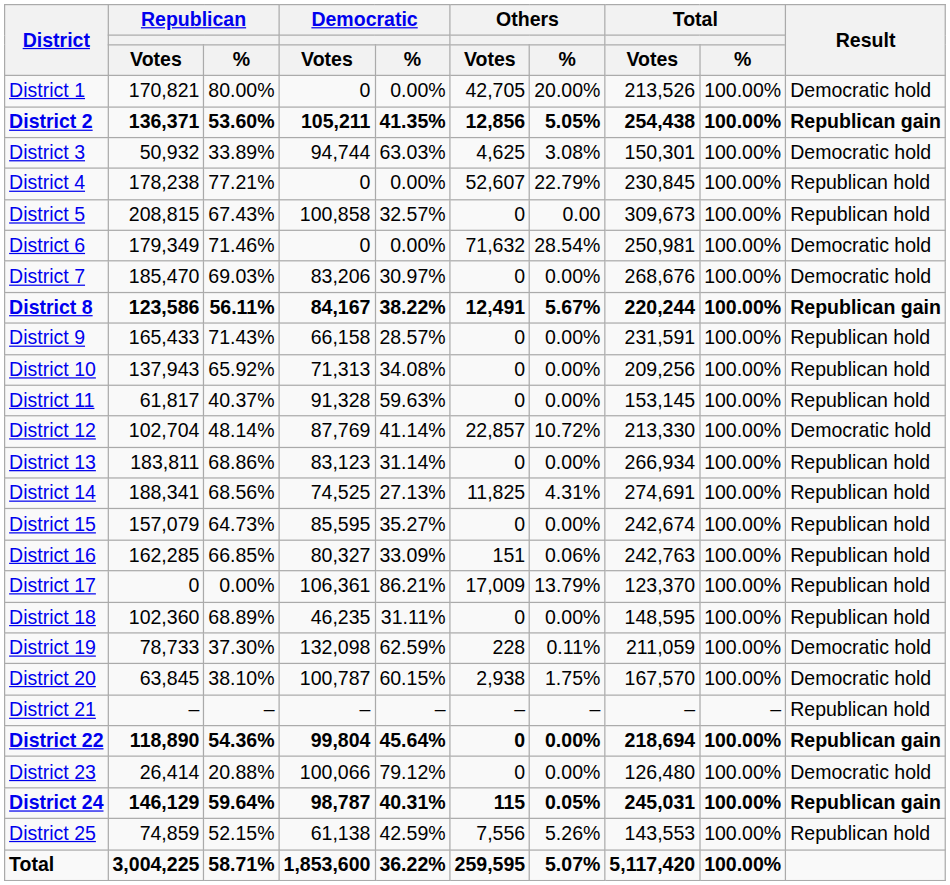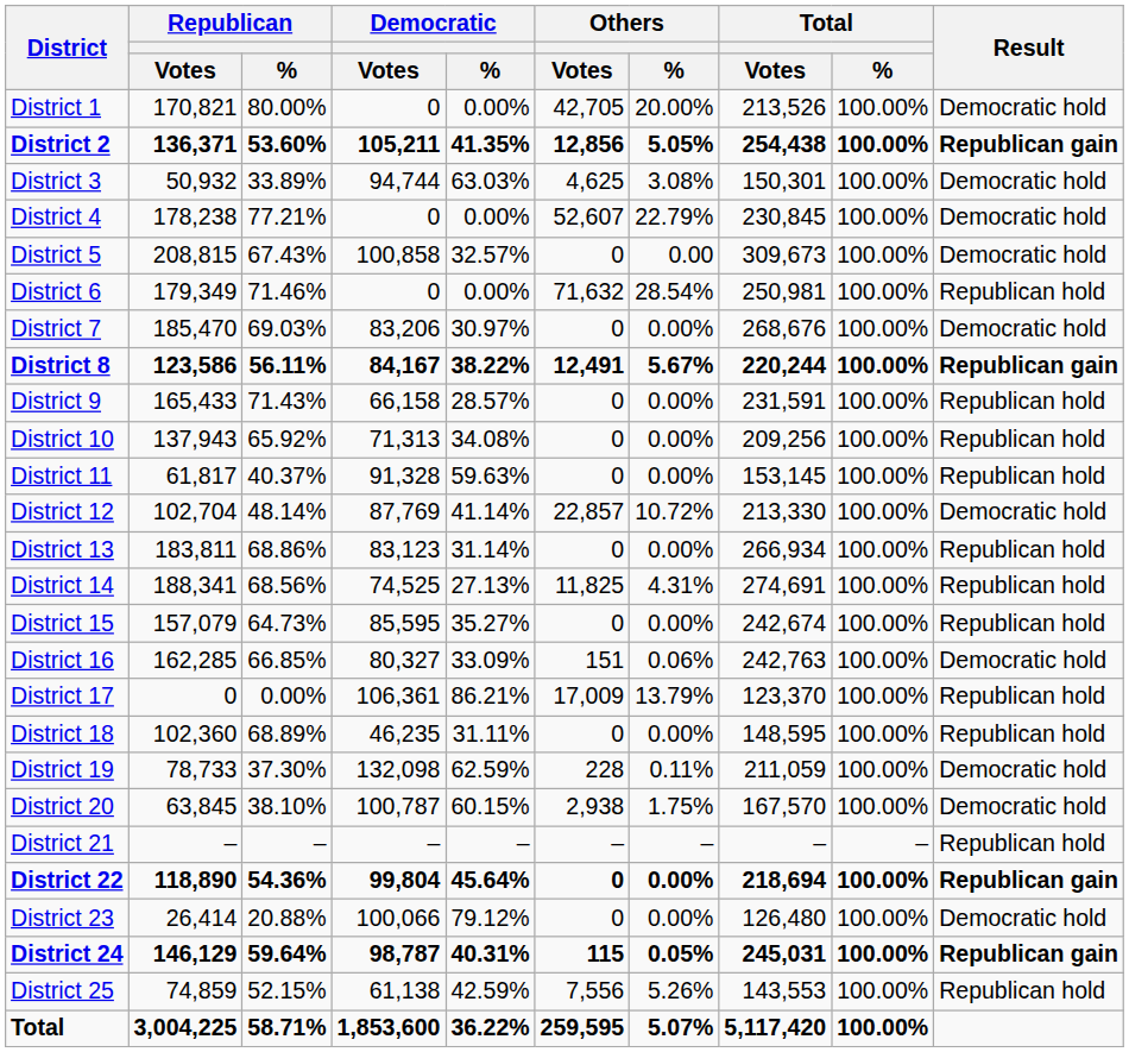 <table class="wikitable plainrowheaders sortable" style="font-size:100%; text-align:right;">
 <tr>
 <th scope=col rowspan=3><a href='#'>District</a></th>
 <th scope=col colspan=2><a href='#'>Republican</a></th>
 <th scope=col colspan=2><a href='#'>Democratic</a></th>
 <th scope=col colspan=2>Others</th>
 <th scope=col colspan=2>Total</th>
 <th scope=col rowspan=3>Result</th>
 </tr>
 <tr>
 <th scope=col colspan=2 style="background:"></th>
 <th scope=col colspan=2 style="background:"></th>
 <th scope=col colspan=2></th>
 <th scope=col colspan=2></th>
 </tr>
 <tr>
 <th scope=col data-sort-type="number">Votes</th>
 <th scope=col data-sort-type="number">%</th>
 <th scope=col data-sort-type="number">Votes</th>
 <th scope=col data-sort-type="number">%</th>
 <th scope=col data-sort-type="number">Votes</th>
 <th scope=col data-sort-type="number">%</th>
 <th scope=col data-sort-type="number">Votes</th>
 <th scope=col data-sort-type="number">%</th>
 </tr>
 <tr>
 <td align=left><a href='#'>District 1</a></td>
 <td>170,821</td>
 <td>80.00%</td>
 <td>0</td>
 <td>0.00%</td>
 <td>42,705</td>
 <td>20.00%</td>
 <td>213,526</td>
 <td>100.00%</td>
 <td align=left>Democratic hold</td>
 </tr>
 <tr>
 <td align=left><strong><a href='#'>District 2</a></strong></td>
 <td><strong>136,371</strong></td>
 <td><strong>53.60%</strong></td>
 <td><strong>105,211</strong></td>
 <td><strong>41.35%</strong></td>
 <td><strong>12,856</strong></td>
 <td><strong>5.05%</strong></td>
 <td><strong>254,438</strong></td>
 <td><strong>100.00%</strong></td>
 <td align=left><strong>Republican gain</strong></td>
 </tr>
 <tr>
 <td align=left><a href='#'>District 3</a></td>
 <td>50,932</td>
 <td>33.89%</td>
 <td>94,744</td>
 <td>63.03%</td>
 <td>4,625</td>
 <td>3.08%</td>
 <td>150,301</td>
 <td>100.00%</td>
 <td align=left>Democratic hold</td>
 </tr>
 <tr>
 <td align=left><a href='#'>District 4</a></td>
 <td>178,238</td>
 <td>77.21%</td>
 <td>0</td>
 <td>0.00%</td>
 <td>52,607</td>
 <td>22.79%</td>
 <td>230,845</td>
 <td>100.00%</td>
-<td align=left>Republican hold</td>
+<td align=left>Democratic hold</td>
 </tr>
 <tr>
 <td align=left><a href='#'>District 5</a></td>
 <td>208,815</td>
 <td>67.43%</td>
 <td>100,858</td>
 <td>32.57%</td>
 <td>0</td>
 <td>0.00</td>
 <td>309,673</td>
 <td>100.00%</td>
-<td align=left>Republican hold</td>
+<td align=left>Democratic hold</td>
 </tr>
 <tr>
 <td align=left><a href='#'>District 6</a></td>
 <td>179,349</td>
 <td>71.46%</td>
 <td>0</td>
 <td>0.00%</td>
 <td>71,632</td>
 <td>28.54%</td>
 <td>250,981</td>
 <td>100.00%</td>
-<td align=left>Democratic hold</td>
+<td align=left>Republican hold</td>
 </tr>
 <tr>
 <td align=left><a href='#'>District 7</a></td>
 <td>185,470</td>
 <td>69.03%</td>
 <td>83,206</td>
 <td>30.97%</td>
 <td>0</td>
 <td>0.00%</td>
 <td>268,676</td>
 <td>100.00%</td>
 <td align=left>Democratic hold</td>
 </tr>
 <tr>
 <td align=left><strong><a href='#'>District 8</a></strong></td>
 <td><strong>123,586</strong></td>
 <td><strong>56.11%</strong></td>
 <td><strong>84,167</strong></td>
 <td><strong>38.22%</strong></td>
 <td><strong>12,491</strong></td>
 <td><strong>5.67%</strong></td>
 <td><strong>220,244</strong></td>
 <td><strong>100.00%</strong></td>
 <td align=left><strong>Republican gain</strong></td>
 </tr>
 <tr>
 <td align=left><a href='#'>District 9</a></td>
 <td>165,433</td>
 <td>71.43%</td>
 <td>66,158</td>
 <td>28.57%</td>
 <td>0</td>
 <td>0.00%</td>
 <td>231,591</td>
 <td>100.00%</td>
 <td align=left>Republican hold</td>
 </tr>
 <tr>
 <td align=left><a href='#'>District 10</a></td>
 <td>137,943</td>
 <td>65.92%</td>
 <td>71,313</td>
 <td>34.08%</td>
 <td>0</td>
 <td>0.00%</td>
 <td>209,256</td>
 <td>100.00%</td>
 <td align=left>Republican hold</td>
 </tr>
 <tr>
 <td align=left><a href='#'>District 11</a></td>
 <td>61,817</td>
 <td>40.37%</td>
 <td>91,328</td>
 <td>59.63%</td>
 <td>0</td>
 <td>0.00%</td>
 <td>153,145</td>
 <td>100.00%</td>
 <td align=left>Republican hold</td>
 </tr>
 <tr>
 <td align=left><a href='#'>District 12</a></td>
 <td>102,704</td>
 <td>48.14%</td>
 <td>87,769</td>
 <td>41.14%</td>
 <td>22,857</td>
 <td>10.72%</td>
 <td>213,330</td>
 <td>100.00%</td>
 <td align=left>Democratic hold</td>
 </tr>
 <tr>
 <td align=left><a href='#'>District 13</a></td>
 <td>183,811</td>
 <td>68.86%</td>
 <td>83,123</td>
 <td>31.14%</td>
 <td>0</td>
 <td>0.00%</td>
 <td>266,934</td>
 <td>100.00%</td>
 <td align=left>Republican hold</td>
 </tr>
 <tr>
 <td align=left><a href='#'>District 14</a></td>
 <td>188,341</td>
 <td>68.56%</td>
 <td>74,525</td>
 <td>27.13%</td>
 <td>11,825</td>
 <td>4.31%</td>
 <td>274,691</td>
 <td>100.00%</td>
 <td align=left>Republican hold</td>
 </tr>
 <tr>
 <td align=left><a href='#'>District 15</a></td>
 <td>157,079</td>
 <td>64.73%</td>
 <td>85,595</td>
 <td>35.27%</td>
 <td>0</td>
 <td>0.00%</td>
 <td>242,674</td>
 <td>100.00%</td>
 <td align=left>Republican hold</td>
 </tr>
 <tr>
 <td align=left><a href='#'>District 16</a></td>
 <td>162,285</td>
 <td>66.85%</td>
 <td>80,327</td>
 <td>33.09%</td>
 <td>151</td>
 <td>0.06%</td>
 <td>242,763</td>
 <td>100.00%</td>
-<td align=left>Republican hold</td>
+<td align=left>Democratic hold</td>
 </tr>
 <tr>
 <td align=left><a href='#'>District 17</a></td>
 <td>0</td>
 <td>0.00%</td>
 <td>106,361</td>
 <td>86.21%</td>
 <td>17,009</td>
 <td>13.79%</td>
 <td>123,370</td>
 <td>100.00%</td>
 <td align=left>Republican hold</td>
 </tr>
 <tr>
 <td align=left><a href='#'>District 18</a></td>
 <td>102,360</td>
 <td>68.89%</td>
 <td>46,235</td>
 <td>31.11%</td>
 <td>0</td>
 <td>0.00%</td>
 <td>148,595</td>
 <td>100.00%</td>
 <td align=left>Republican hold</td>
 </tr>
 <tr>
 <td align=left><a href='#'>District 19</a></td>
 <td>78,733</td>
 <td>37.30%</td>
 <td>132,098</td>
 <td>62.59%</td>
 <td>228</td>
 <td>0.11%</td>
 <td>211,059</td>
 <td>100.00%</td>
 <td align=left>Democratic hold</td>
 </tr>
 <tr>
 <td align=left><a href='#'>District 20</a></td>
 <td>63,845</td>
 <td>38.10%</td>
 <td>100,787</td>
 <td>60.15%</td>
 <td>2,938</td>
 <td>1.75%</td>
 <td>167,570</td>
 <td>100.00%</td>
 <td align=left>Democratic hold</td>
 </tr>
 <tr>
 <td align=left><a href='#'>District 21</a></td>
 <td>–</td>
 <td>–</td>
 <td>–</td>
 <td>–</td>
 <td>–</td>
 <td>–</td>
 <td>–</td>
 <td>–</td>
 <td align=left>Republican hold</td>
 </tr>
 <tr>
 <td align=left><strong><a href='#'>District 22</a></strong></td>
 <td><strong>118,890</strong></td>
 <td><strong>54.36%</strong></td>
 <td><strong>99,804</strong></td>
 <td><strong>45.64%</strong></td>
 <td><strong>0</strong></td>
 <td><strong>0.00%</strong></td>
 <td><strong>218,694</strong></td>
 <td><strong>100.00%</strong></td>
 <td align=left><strong>Republican gain</strong></td>
 </tr>
 <tr>
 <td align=left><a href='#'>District 23</a></td>
 <td>26,414</td>
 <td>20.88%</td>
 <td>100,066</td>
 <td>79.12%</td>
 <td>0</td>
 <td>0.00%</td>
 <td>126,480</td>
 <td>100.00%</td>
 <td align=left>Democratic hold</td>
 </tr>
 <tr>
 <td align=left><strong><a href='#'>District 24</a></strong></td>
 <td><strong>146,129</strong></td>
 <td><strong>59.64%</strong></td>
 <td><strong>98,787</strong></td>
 <td><strong>40.31%</strong></td>
 <td><strong>115</strong></td>
 <td><strong>0.05%</strong></td>
 <td><strong>245,031</strong></td>
 <td><strong>100.00%</strong></td>
 <td align=left><strong>Republican gain</strong></td>
 </tr>
 <tr>
 <td align=left><a href='#'>District 25</a></td>
 <td>74,859</td>
 <td>52.15%</td>
 <td>61,138</td>
 <td>42.59%</td>
 <td>7,556</td>
 <td>5.26%</td>
 <td>143,553</td>
 <td>100.00%</td>
 <td align=left>Republican hold</td>
 </tr>
 <tr class="sortbottom" style="font-weight:bold">
 <td align=left>Total</td>
 <td>3,004,225</td>
 <td>58.71%</td>
 <td>1,853,600</td>
 <td>36.22%</td>
 <td>259,595</td>
 <td>5.07%</td>
 <td>5,117,420</td>
 <td>100.00%</td>
 <td></td>
 </tr>
 </table>
